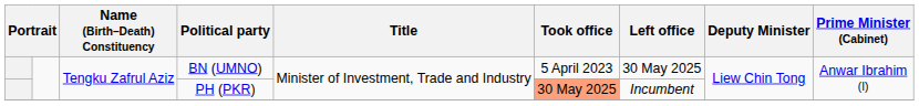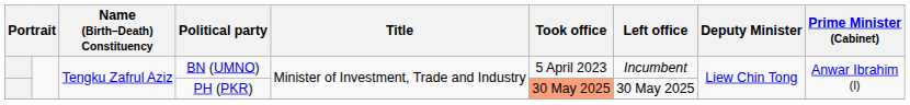 <table class="wikitable" style="text-align:center;">
 <tr>
 <th colspan=2>Portrait</th>
 <th>Name<br><small>(Birth–Death)<br>Constituency</small></th>
 <th>Political party</th>
 <th>Title</th>
 <th>Took office</th>
 <th>Left office</th>
 <th>Deputy Minister</th>
 <th><a href='#'>Prime Minister</a><br><small>(Cabinet)</small></th>
 </tr>
 <tr>
 <th style="background:"></th>
 <td rowspan=2></td>
 <td rowspan=2><a href='#'>Tengku Zafrul Aziz</a><br></td>
 <td><a href='#'>BN</a> (<a href='#'>UMNO</a>)</td>
 <td rowspan=2>Minister of Investment, Trade and Industry</td>
 <td>5 April 2023</td>
-<td>30 May 2025</td>
+<td><em>Incumbent</em></td>
 <td rowspan=2><a href='#'>Liew Chin Tong</a></td>
 <td rowspan=2><a href='#'>Anwar Ibrahim</a><br><small>(I)</small></td>
 </tr>
 <tr>
 <th style="background:"></th>
 <td><a href='#'>PH</a> (<a href='#'>PKR</a>)</td>
 <td style="background: lightsalmon;">30 May 2025</td>
-<td><em>Incumbent</em></td>
+<td>30 May 2025</td>
 </tr>
 <tr>
 </tr>
 </table>
